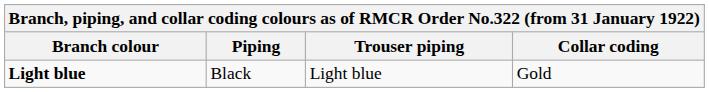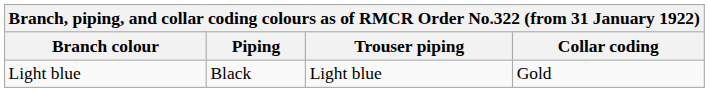 <table class="wikitable">
 <tr>
 <th colspan="4">Branch, piping, and collar coding colours as of RMCR Order No.322 (from 31 January 1922)</th>
 </tr>
 <tr>
 <th>Branch colour</th>
 <th>Piping</th>
 <th>Trouser piping</th>
 <th>Collar coding</th>
 </tr>
 <tr>
-<td><strong>Light blue</strong></td>
+<td>Light blue</td>
 <td>Black</td>
 <td>Light blue</td>
 <td>Gold</td>
 </tr>
 </table>
